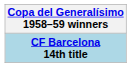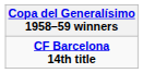 <table class="wikitable" style="text-align: center; margin: 0 auto;">
 <tr>
 <th><a href='#'>Copa del Generalísimo</a><br>1958–59 winners</th>
 </tr>
 <tr>
-<td style="background: lightblue;"><strong><a href='#'>CF Barcelona</a></strong><br><strong>14th title</strong></td>
+<td><strong><a href='#'>CF Barcelona</a></strong><br><strong>14th title</strong></td>
 </tr>
 </table>
